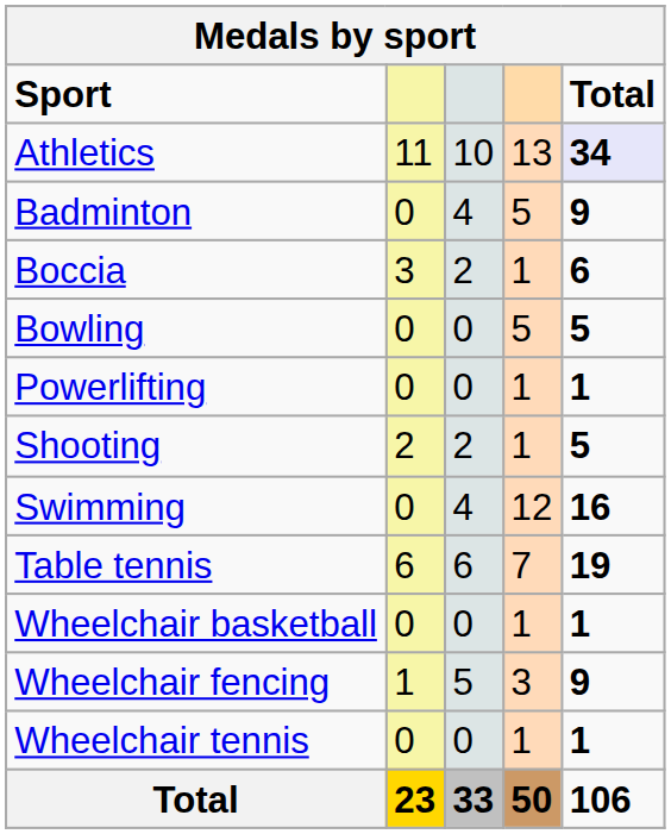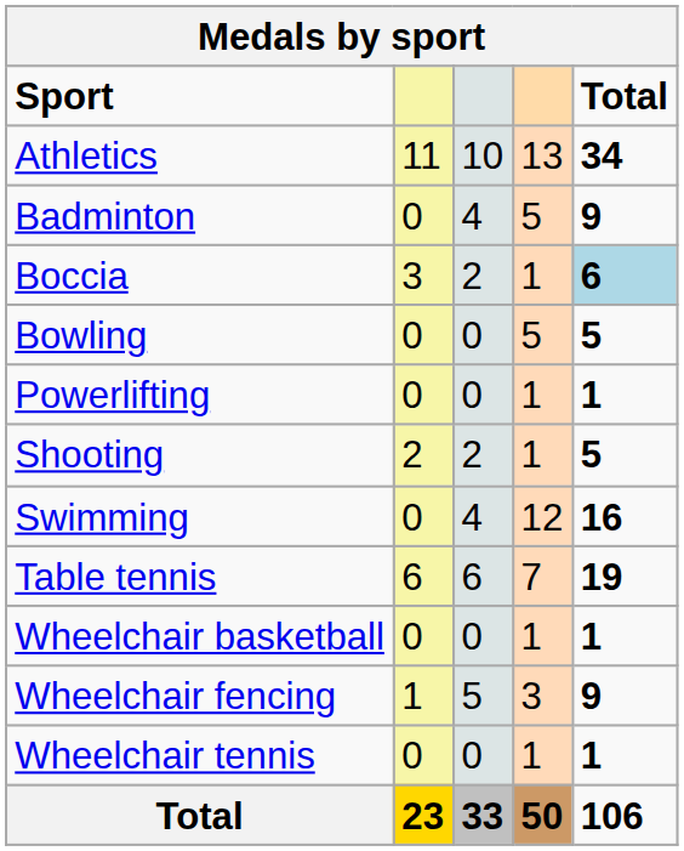 <table class=wikitable style="font-size:95%; ">
 <tr bgcolor=EFEFEF>
 <th colspan=7><strong>Medals by sport</strong></th>
 </tr>
 <tr>
 <td><strong>Sport</strong></td>
 <td bgcolor=F7F6A8></td>
 <td bgcolor=DCE5E5></td>
 <td bgcolor=FFDBA9></td>
 <td><strong>Total</strong></td>
 </tr>
 <tr>
 <td><a href='#'>Athletics</a></td>
 <td bgcolor=F7F6A8>11</td>
 <td bgcolor=DCE5E5>10</td>
 <td bgcolor=FFDAB9>13</td>
-<td style="background: lavender;"><strong>34</strong></td>
+<td><strong>34</strong></td>
 </tr>
 <tr>
 <td><a href='#'>Badminton</a></td>
 <td bgcolor=F7F6A8>0</td>
 <td bgcolor=DCE5E5>4</td>
 <td bgcolor=FFDAB9>5</td>
 <td><strong>9</strong></td>
 </tr>
 <tr>
 <td><a href='#'>Boccia</a></td>
 <td bgcolor=F7F6A8>3</td>
 <td bgcolor=DCE5E5>2</td>
 <td bgcolor=FFDAB9>1</td>
-<td><strong>6</strong></td>
+<td style="background: lightblue;"><strong>6</strong></td>
 </tr>
 <tr>
 <td><a href='#'>Bowling</a></td>
 <td bgcolor=F7F6A8>0</td>
 <td bgcolor=DCE5E5>0</td>
 <td bgcolor=FFDAB9>5</td>
 <td><strong>5</strong></td>
 </tr>
 <tr>
 <td><a href='#'>Powerlifting</a></td>
 <td bgcolor=F7F6A8>0</td>
 <td bgcolor=DCE5E5>0</td>
 <td bgcolor=FFDAB9>1</td>
 <td><strong>1</strong></td>
 </tr>
 <tr>
 <td><a href='#'>Shooting</a></td>
 <td bgcolor=F7F6A8>2</td>
 <td bgcolor=DCE5E5>2</td>
 <td bgcolor=FFDAB9>1</td>
 <td><strong>5</strong></td>
 </tr>
 <tr>
 <td><a href='#'>Swimming</a></td>
 <td bgcolor=F7F6A8>0</td>
 <td bgcolor=DCE5E5>4</td>
 <td bgcolor=FFDAB9>12</td>
 <td><strong>16</strong></td>
 </tr>
 <tr>
 <td><a href='#'>Table tennis</a></td>
 <td bgcolor=F7F6A8>6</td>
 <td bgcolor=DCE5E5>6</td>
 <td bgcolor=FFDAB9>7</td>
 <td><strong>19</strong></td>
 </tr>
 <tr>
 <td><a href='#'>Wheelchair basketball</a></td>
 <td bgcolor=F7F6A8>0</td>
 <td bgcolor=DCE5E5>0</td>
 <td bgcolor=FFDAB9>1</td>
 <td><strong>1</strong></td>
 </tr>
 <tr>
 <td><a href='#'>Wheelchair fencing</a></td>
 <td bgcolor=F7F6A8>1</td>
 <td bgcolor=DCE5E5>5</td>
 <td bgcolor=FFDAB9>3</td>
 <td><strong>9</strong></td>
 </tr>
 <tr>
 <td><a href='#'>Wheelchair tennis</a></td>
 <td bgcolor=F7F6A8>0</td>
 <td bgcolor=DCE5E5>0</td>
 <td bgcolor=FFDAB9>1</td>
 <td><strong>1</strong></td>
 </tr>
 <tr>
 <th><strong>Total</strong></th>
 <td style="background:gold;"><strong>23</strong></td>
 <td style="background:silver;"><strong>33</strong></td>
 <td style="background:#c96;"><strong>50</strong></td>
 <td><strong>106</strong></td>
 </tr>
 </table>
